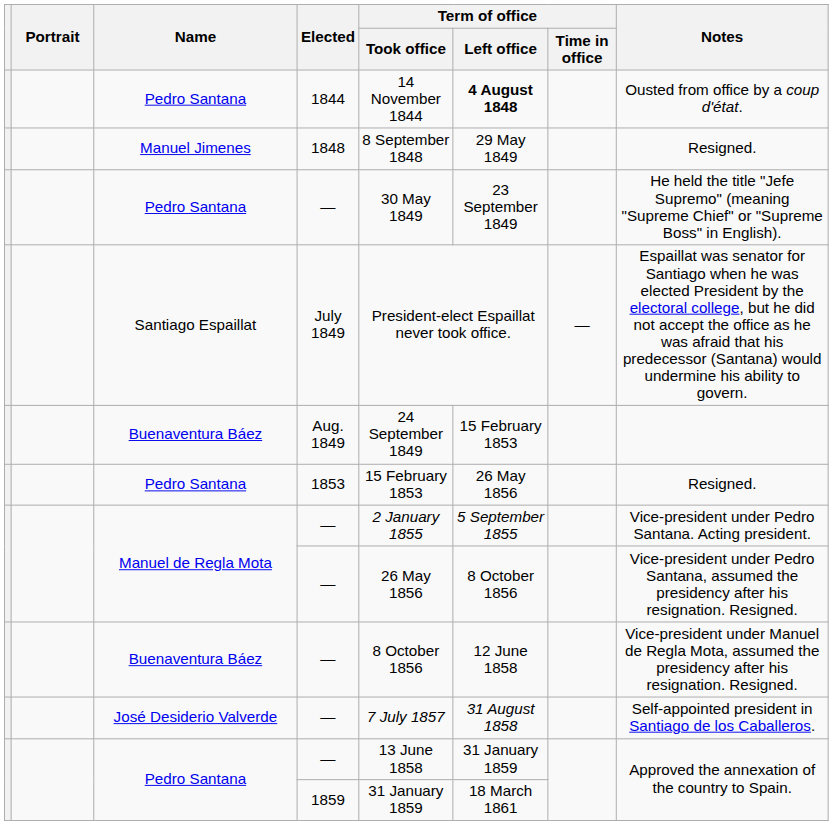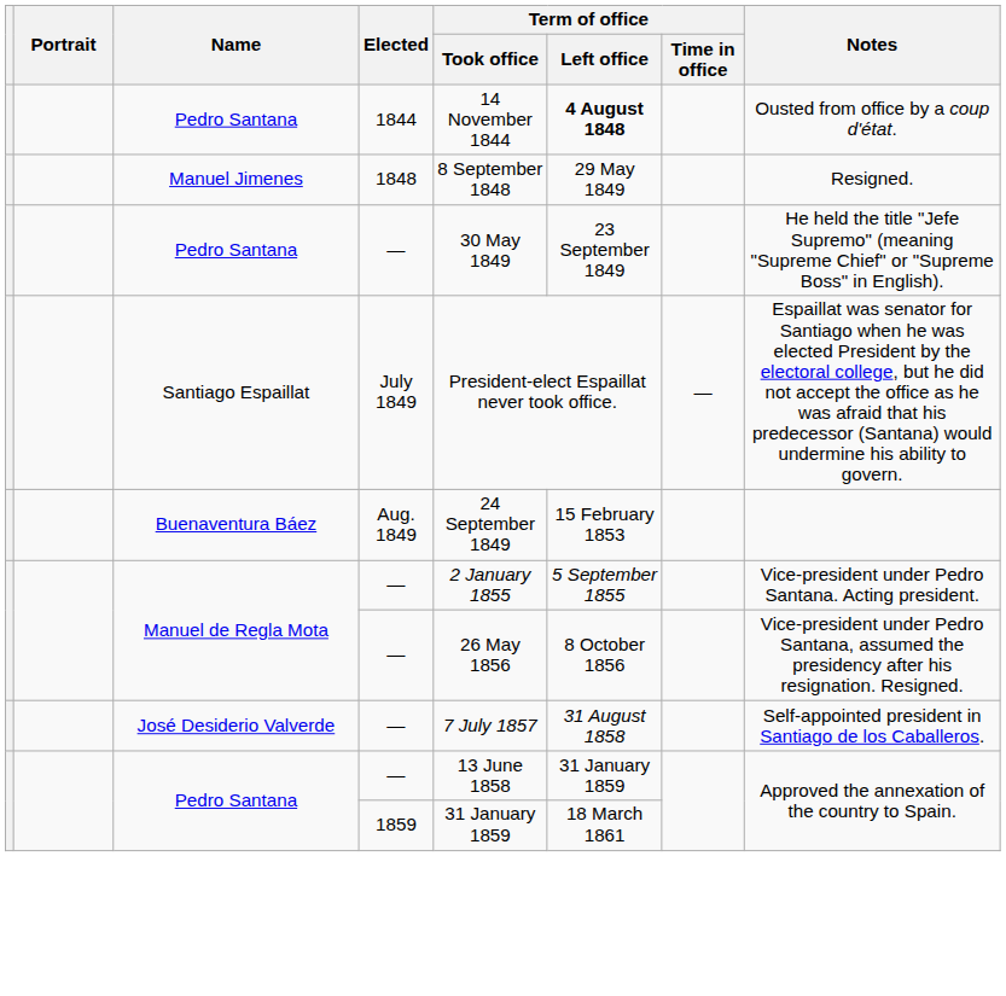 <table class="wikitable" style="text-align:center">
 <tr>
 <th rowspan="2"></th>
 <th rowspan="2" width="10%">Portrait</th>
 <th rowspan="2" width="25%">Name<br></th>
 <th rowspan="2">Elected</th>
 <th colspan="3" width="31.4%">Term of office</th>
 <th rowspan="2" width="26%">Notes</th>
 </tr>
 <tr>
 <th>Took office</th>
 <th>Left office</th>
 <th>Time in office</th>
 </tr>
 <tr>
 <th style="background:"></th>
 <td></td>
 <td><a href='#'>Pedro Santana</a><br></td>
 <td>1844</td>
 <td>14 November 1844</td>
 <td><strong>4 August 1848</strong></td>
 <td></td>
 <td>Ousted from office by a <em>coup d'état</em>.</td>
 </tr>
 <tr>
 <th style="background:"></th>
 <td></td>
 <td><a href='#'>Manuel Jimenes</a><br></td>
 <td>1848</td>
 <td>8 September 1848</td>
 <td>29 May 1849</td>
 <td></td>
 <td>Resigned.</td>
 </tr>
 <tr>
 <th style="background:"></th>
 <td></td>
 <td><a href='#'>Pedro Santana</a><br></td>
 <td>—</td>
 <td>30 May 1849</td>
 <td>23 September 1849</td>
 <td></td>
 <td>He held the title "Jefe Supremo" (meaning "Supreme Chief" or "Supreme Boss" in English).</td>
 </tr>
 <tr>
 <th style="background:"></th>
 <td></td>
 <td>Santiago Espaillat<br></td>
 <td>July<br>1849</td>
 <td colspan="2">President-elect Espaillat never took office.</td>
 <td>—</td>
 <td>Espaillat was senator for Santiago when he was elected President by the <a href='#'>electoral college</a>, but he did not accept the office as he was afraid that his predecessor (Santana) would undermine his ability to govern. <br> </td>
 </tr>
 <tr>
 <th style="background:"></th>
 <td></td>
 <td><a href='#'>Buenaventura Báez</a><br></td>
 <td>Aug.<br>1849</td>
 <td>24 September 1849</td>
 <td>15 February 1853</td>
 <td></td>
 <td></td>
 </tr>
 <tr>
-<th style="background:"></th>
-<td></td>
-<td><a href='#'>Pedro Santana</a><br></td>
-<td>1853</td>
-<td>15 February 1853</td>
-<td>26 May 1856</td>
-<td></td>
-<td>Resigned.</td>
-</tr>
-<tr>
 <th rowspan="2" style="background:"></th>
 <td rowspan="2"></td>
 <td rowspan="2"><a href='#'>Manuel de Regla Mota</a><br></td>
 <td>—</td>
 <td><em>2 January 1855</em></td>
 <td><em>5 September 1855</em></td>
 <td></td>
 <td>Vice-president under Pedro Santana. Acting president.</td>
 </tr>
 <tr>
 <td>—</td>
 <td>26 May 1856</td>
 <td>8 October 1856</td>
 <td></td>
 <td>Vice-president under Pedro Santana, assumed the presidency after his resignation. Resigned.</td>
-</tr>
-<tr>
-<th style="background:"></th>
-<td></td>
-<td><a href='#'>Buenaventura Báez</a><br></td>
-<td>—</td>
-<td>8 October 1856</td>
-<td>12 June 1858</td>
-<td></td>
-<td>Vice-president under Manuel de Regla Mota, assumed the presidency after his resignation. Resigned.</td>
 </tr>
 <tr>
 <th style="background:"></th>
 <td></td>
 <td><a href='#'>José Desiderio Valverde</a><br></td>
 <td>—</td>
 <td><em>7 July 1857</em></td>
 <td><em>31 August 1858</em></td>
 <td></td>
 <td>Self-appointed president in <a href='#'>Santiago de los Caballeros</a>.</td>
 </tr>
 <tr>
 <th rowspan="2" style="background:"></th>
 <td rowspan="2"></td>
 <td rowspan="2"><a href='#'>Pedro Santana</a><br></td>
 <td>—</td>
 <td>13 June 1858</td>
 <td>31 January 1859</td>
 <td rowspan="2"></td>
 <td rowspan="2">Approved the annexation of the country to Spain.</td>
 </tr>
 <tr>
 <td>1859</td>
 <td>31 January 1859</td>
 <td>18 March 1861</td>
 </tr>
 </table>
